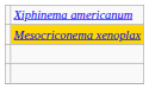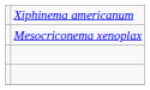 <table class="wikitable" style="clear">
 <tr>
 <td></td>
 <td><em><a href='#'>Xiphinema americanum</a></em></td>
 </tr>
 <tr>
 <td></td>
-<td style="background: gold;"><em><a href='#'>Mesocriconema xenoplax</a></em></td>
+<td><em><a href='#'>Mesocriconema xenoplax</a></em></td>
 </tr>
 <tr>
 <td></td>
 <td><br></td>
 </tr>
 <tr>
 <td></td>
 <td><br></td>
 </tr>
 <tr>
 </tr>
 </table>
